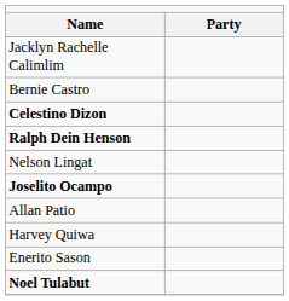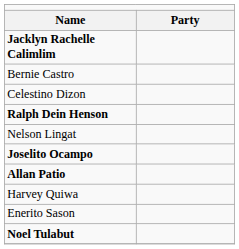 <table class=wikitable style="font-size:90%">
 <tr>
 <td colspan=4 bgcolor=></td>
 </tr>
 <tr>
 <th width=150px>Name</th>
 <th colspan=2 width=110px>Party</th>
 </tr>
 <tr>
-<td>Jacklyn Rachelle Calimlim</td>
+<td><strong>Jacklyn Rachelle Calimlim</strong></td>
 <td></td>
 </tr>
 <tr>
 <td>Bernie Castro</td>
 <td></td>
 </tr>
 <tr>
-<td><strong>Celestino Dizon</strong></td>
+<td>Celestino Dizon</td>
 <td></td>
 </tr>
 <tr>
 <td><strong>Ralph Dein Henson</strong></td>
 <td></td>
 </tr>
 <tr>
 <td>Nelson Lingat</td>
 <td></td>
 </tr>
 <tr>
 <td><strong>Joselito Ocampo</strong></td>
 <td></td>
 </tr>
 <tr>
-<td>Allan Patio</td>
+<td><strong>Allan Patio</strong></td>
 <td></td>
 </tr>
 <tr>
 <td>Harvey Quiwa</td>
 <td></td>
 </tr>
 <tr>
 <td>Enerito Sason</td>
 <td></td>
 </tr>
 <tr>
 <td><strong>Noel Tulabut</strong></td>
 <td></td>
 </tr>
 <tr>
 </tr>
 </table>
